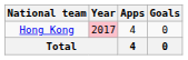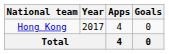 <table class="wikitable" style="text-align:center">
 <tr>
 <th>National team</th>
 <th>Year</th>
 <th>Apps</th>
 <th>Goals</th>
 </tr>
 <tr>
 <td rowspan="1"><a href='#'>Hong Kong</a></td>
-<td style="background: pink;">2017</td>
+<td>2017</td>
 <td>4</td>
 <td>0</td>
 </tr>
 <tr>
 <th colspan=2>Total</th>
 <th>4</th>
 <th>0</th>
 </tr>
 </table>
